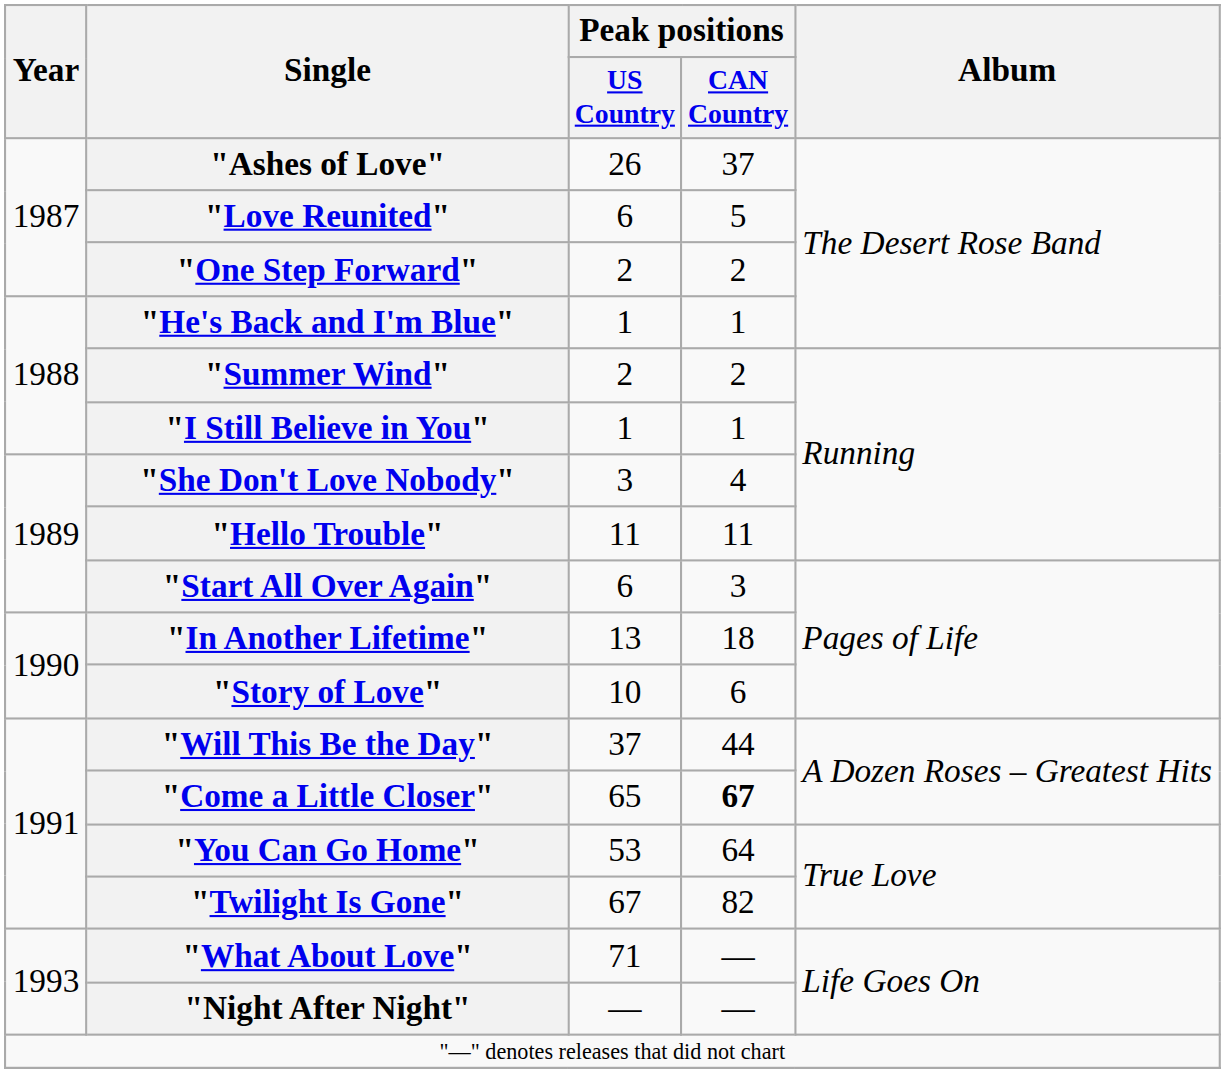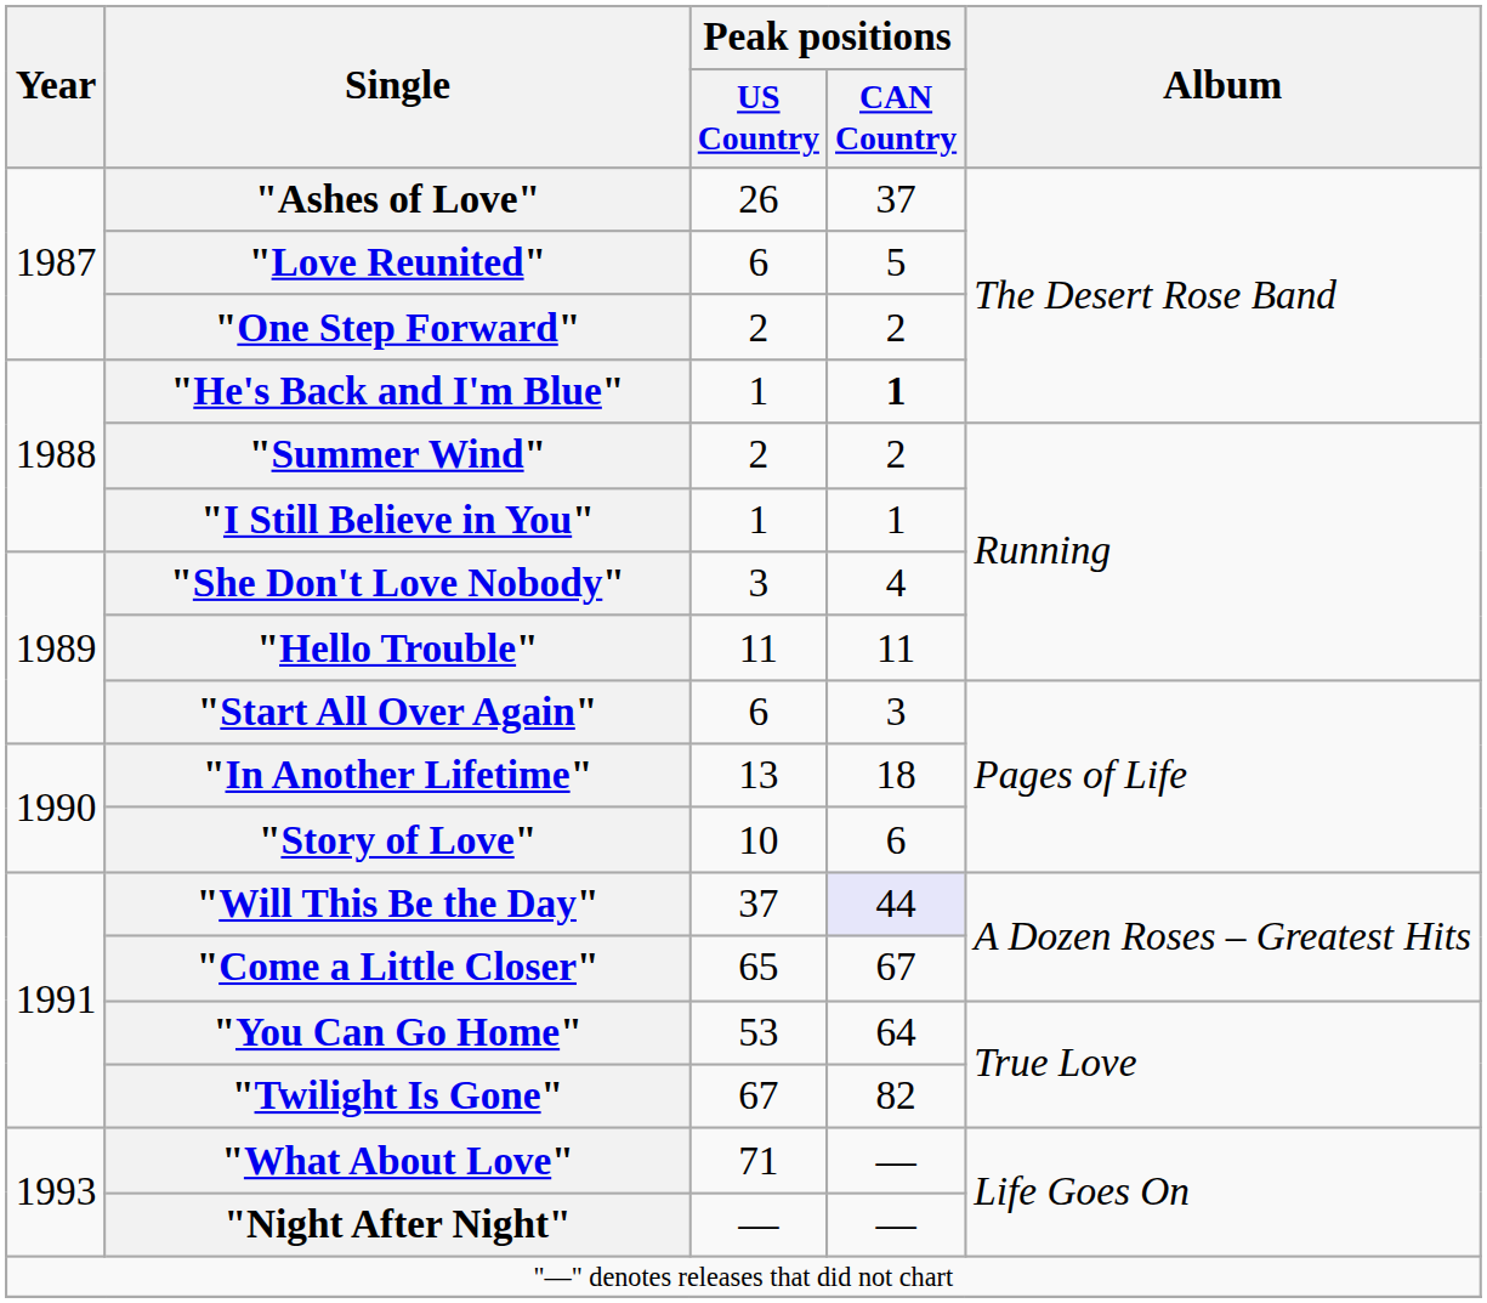 <table class="wikitable plainrowheaders" style="text-align:center;">
 <tr>
 <th rowspan="2">Year</th>
 <th rowspan="2" style="width:14em;">Single</th>
 <th colspan="2">Peak positions</th>
 <th rowspan="2">Album</th>
 </tr>
 <tr style="font-size:smaller;">
 <th width="45"><a href='#'>US Country</a><br></th>
 <th width="45"><a href='#'>CAN Country</a><br></th>
 </tr>
 <tr>
 <td rowspan="3">1987</td>
 <th scope="row">"Ashes of Love"</th>
 <td>26</td>
 <td>37</td>
 <td align="left" rowspan="4"><em>The Desert Rose Band</em></td>
 </tr>
 <tr>
 <th scope="row">"<a href='#'>Love Reunited</a>"</th>
 <td>6</td>
 <td>5</td>
 </tr>
 <tr>
 <th scope="row">"<a href='#'>One Step Forward</a>"</th>
 <td>2</td>
 <td>2</td>
 </tr>
 <tr>
 <td rowspan="3">1988</td>
 <th scope="row">"<a href='#'>He's Back and I'm Blue</a>"</th>
 <td>1</td>
-<td>1</td>
+<td><strong>1</strong></td>
 </tr>
 <tr>
 <th scope="row">"<a href='#'>Summer Wind</a>"</th>
 <td>2</td>
 <td>2</td>
 <td align="left" rowspan="4"><em>Running</em></td>
 </tr>
 <tr>
 <th scope="row">"<a href='#'>I Still Believe in You</a>"</th>
 <td>1</td>
 <td>1</td>
 </tr>
 <tr>
 <td rowspan="3">1989</td>
 <th scope="row">"<a href='#'>She Don't Love Nobody</a>"</th>
 <td>3</td>
 <td>4</td>
 </tr>
 <tr>
 <th scope="row">"<a href='#'>Hello Trouble</a>"</th>
 <td>11</td>
 <td>11</td>
 </tr>
 <tr>
 <th scope="row">"<a href='#'>Start All Over Again</a>"</th>
 <td>6</td>
 <td>3</td>
 <td align="left" rowspan="3"><em>Pages of Life</em></td>
 </tr>
 <tr>
 <td rowspan="2">1990</td>
 <th scope="row">"<a href='#'>In Another Lifetime</a>"</th>
 <td>13</td>
 <td>18</td>
 </tr>
 <tr>
 <th scope="row">"<a href='#'>Story of Love</a>"</th>
 <td>10</td>
 <td>6</td>
 </tr>
 <tr>
 <td rowspan="4">1991</td>
 <th scope="row">"<a href='#'>Will This Be the Day</a>"</th>
 <td>37</td>
-<td>44</td>
+<td style="background: lavender;">44</td>
 <td align="left" rowspan="2"><em>A Dozen Roses – Greatest Hits</em></td>
 </tr>
 <tr>
 <th scope="row">"<a href='#'>Come a Little Closer</a>"</th>
 <td>65</td>
-<td><strong>67</strong></td>
+<td>67</td>
 </tr>
 <tr>
 <th scope="row">"<a href='#'>You Can Go Home</a>"</th>
 <td>53</td>
 <td>64</td>
 <td align="left" rowspan="2"><em>True Love</em></td>
 </tr>
 <tr>
 <th scope="row">"<a href='#'>Twilight Is Gone</a>"</th>
 <td>67</td>
 <td>82</td>
 </tr>
 <tr>
 <td rowspan="2">1993</td>
 <th scope="row">"<a href='#'>What About Love</a>"</th>
 <td>71</td>
 <td>—</td>
 <td align="left" rowspan="2"><em>Life Goes On</em></td>
 </tr>
 <tr>
 <th scope="row">"Night After Night"</th>
 <td>—</td>
 <td>—</td>
 </tr>
 <tr>
 <td colspan="5" style="font-size:8pt">"—" denotes releases that did not chart</td>
 </tr>
 <tr>
 </tr>
 </table>
